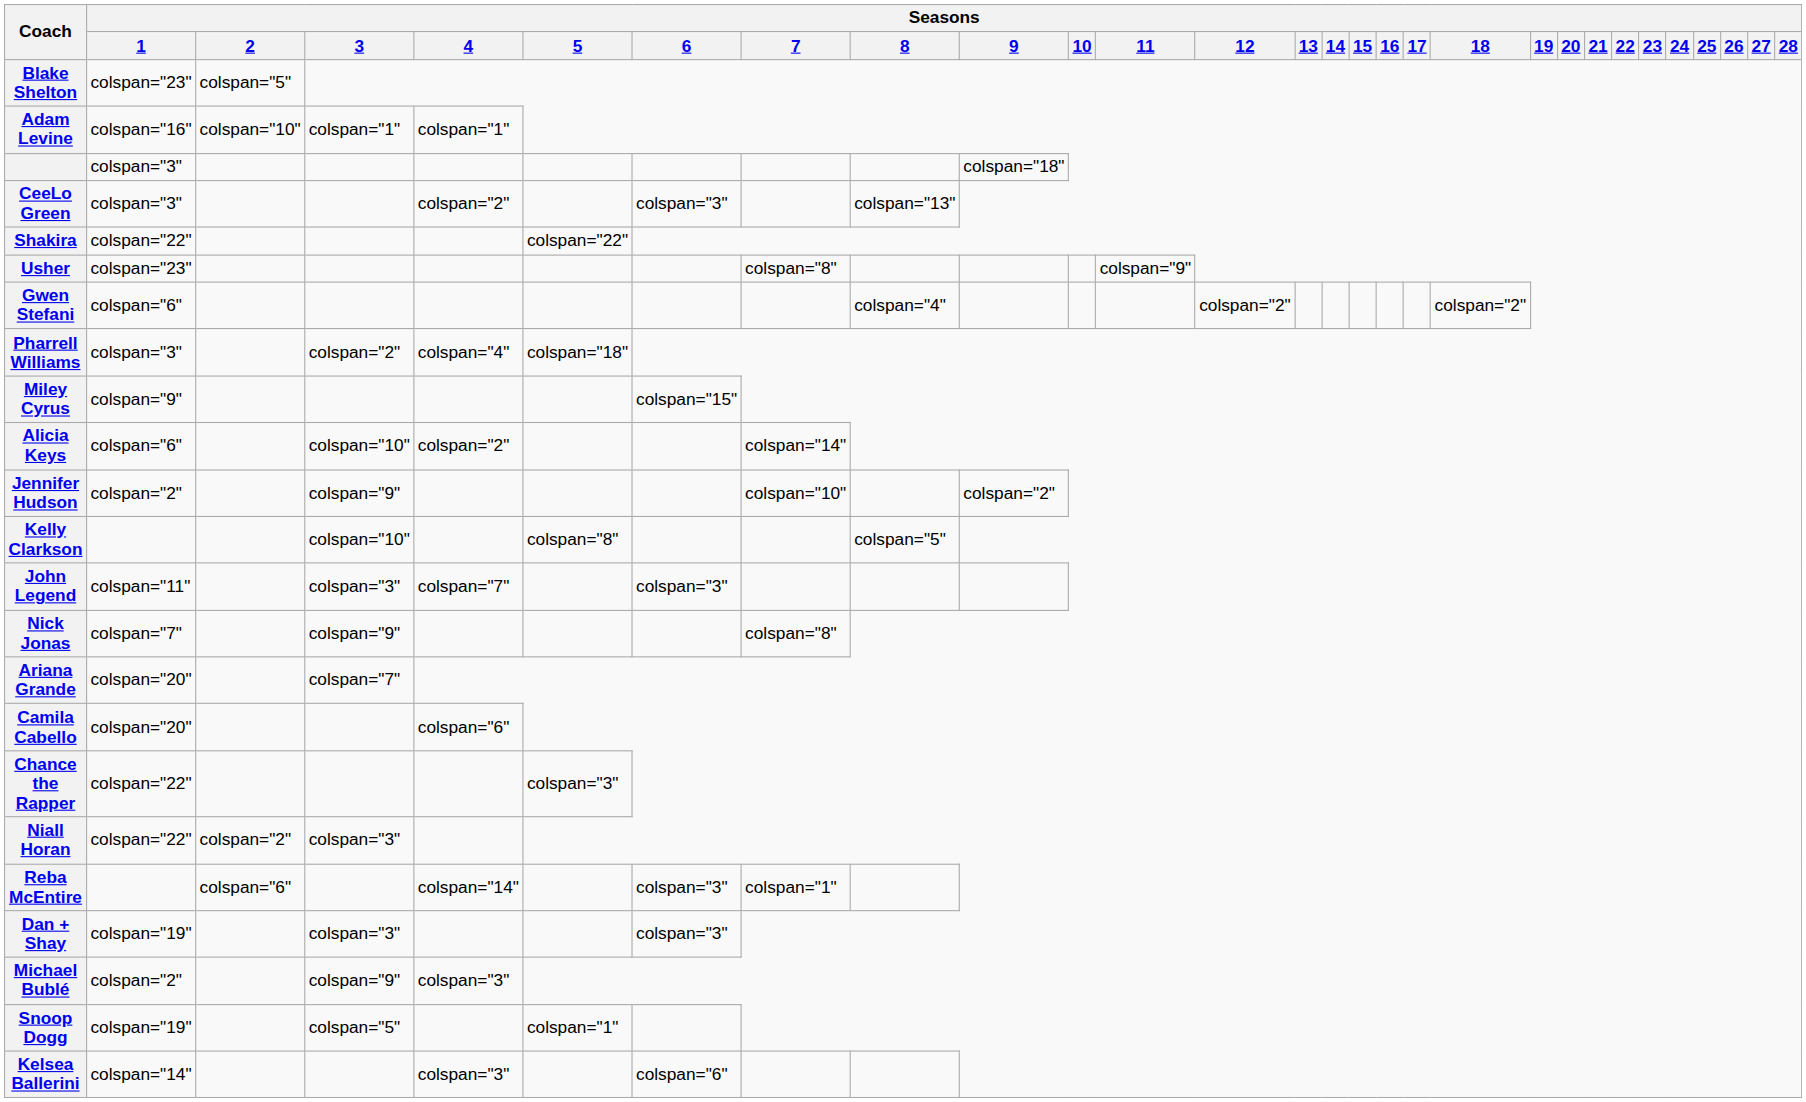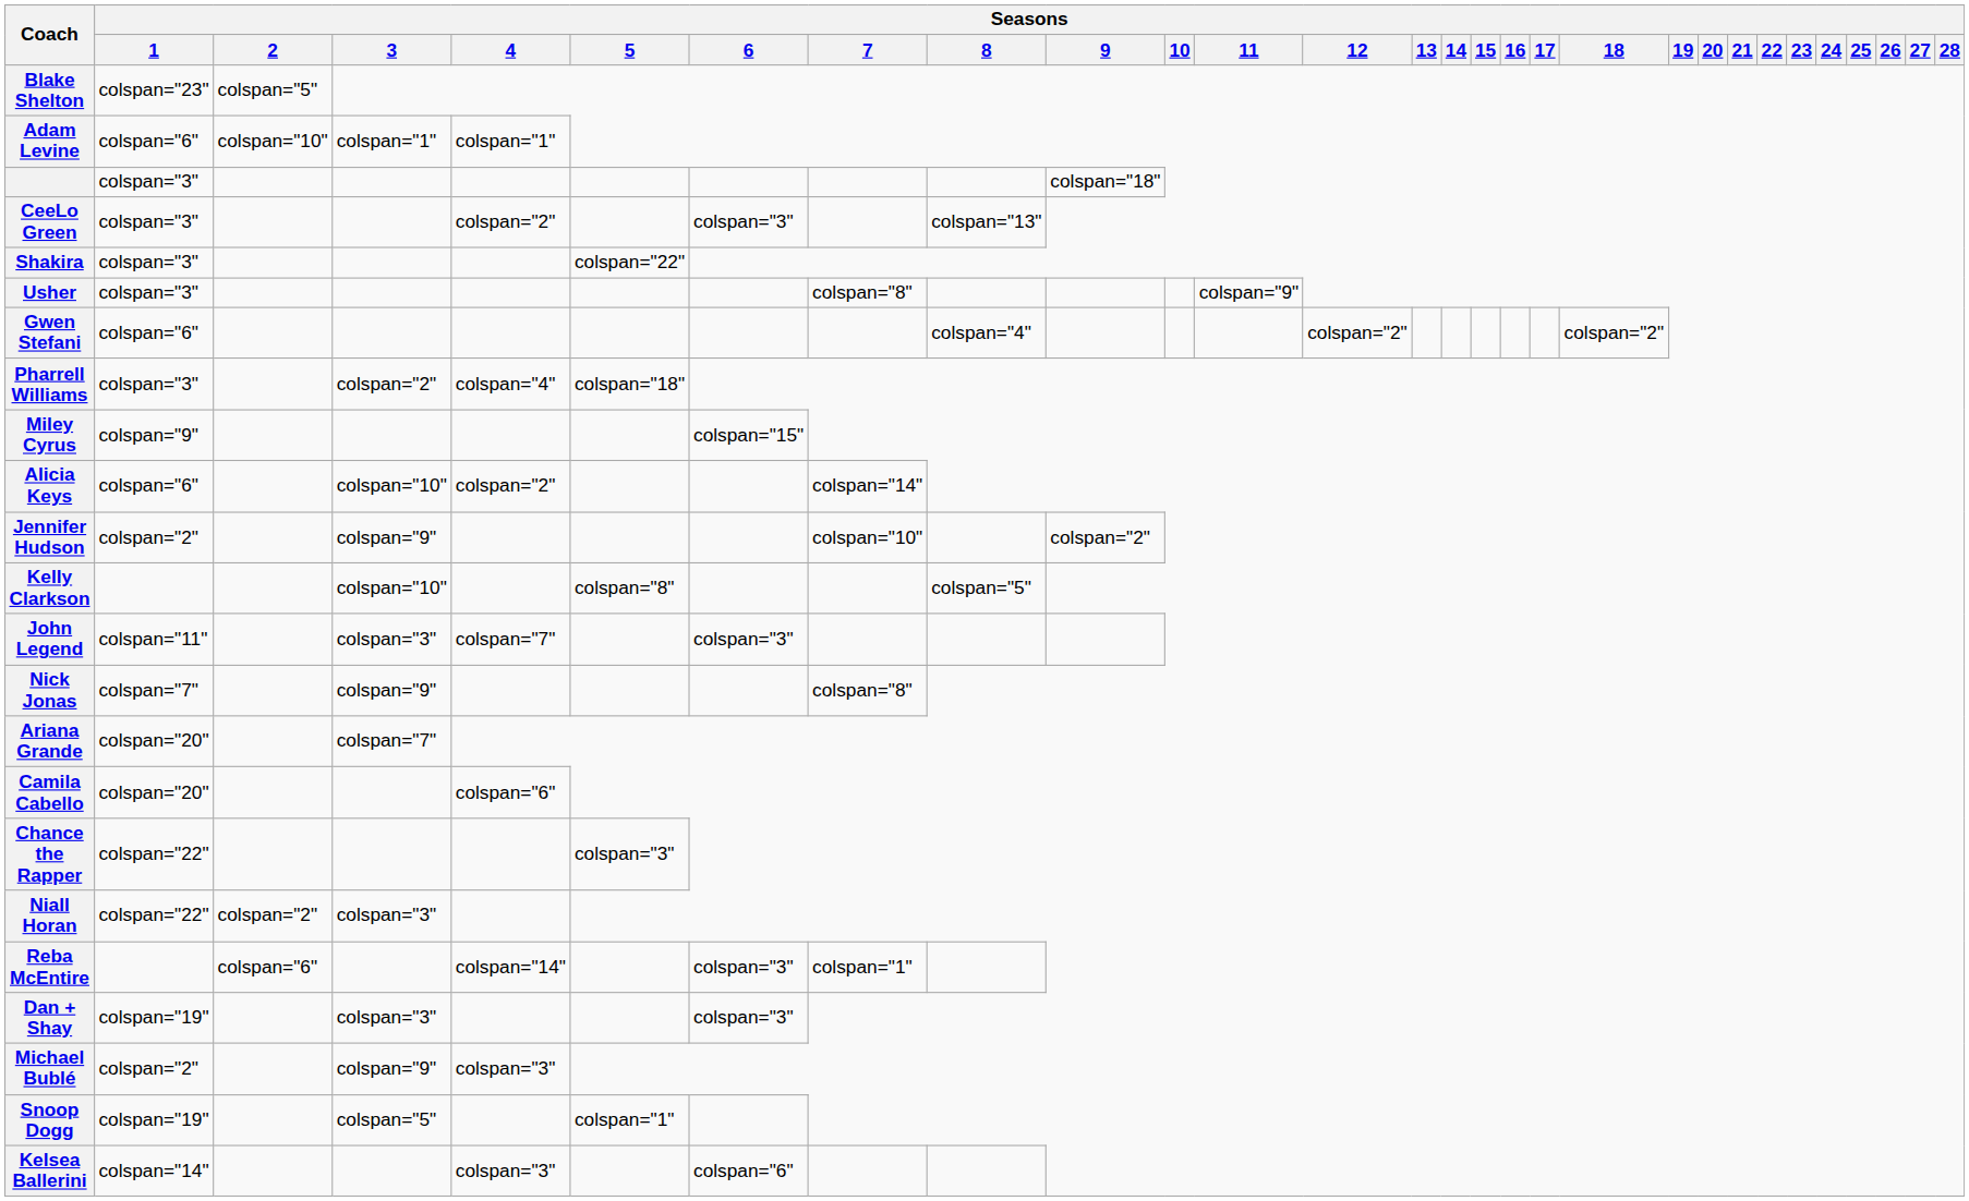 <table class="wikitable plainrowheaders collapsible mw-collapsible nowrap" style="width:100%">
 <tr>
 <th rowspan="2" style="width:08%">Coach</th>
 <th colspan="28">Seasons</th>
 </tr>
 <tr>
 <th style="width:3%"><a href='#'>1</a></th>
 <th style="width:3%"><a href='#'>2</a></th>
 <th style="width:3%"><a href='#'>3</a></th>
 <th style="width:3%"><a href='#'>4</a></th>
 <th style="width:3%"><a href='#'>5</a></th>
 <th style="width:3%"><a href='#'>6</a></th>
 <th style="width:3%"><a href='#'>7</a></th>
 <th style="width:3%"><a href='#'>8</a></th>
 <th style="width:3%"><a href='#'>9</a></th>
 <th style="width:3%"><a href='#'>10</a></th>
 <th style="width:3%"><a href='#'>11</a></th>
 <th style="width:3%"><a href='#'>12</a></th>
 <th style="width:3%"><a href='#'>13</a></th>
 <th style="width:3%"><a href='#'>14</a></th>
 <th style="width:3%"><a href='#'>15</a></th>
 <th style="width:3%"><a href='#'>16</a></th>
 <th style="width:3%"><a href='#'>17</a></th>
 <th style="width:3%"><a href='#'>18</a></th>
 <th style="width:3%"><a href='#'>19</a></th>
 <th style="width:3%"><a href='#'>20</a></th>
 <th style="width:3%"><a href='#'>21</a></th>
 <th style="width:3%"><a href='#'>22</a></th>
 <th style="width:3%"><a href='#'>23</a></th>
 <th style="width:3%"><a href='#'>24</a></th>
 <th style="width:3%;"><a href='#'>25</a></th>
 <th style="width:3%;"><a href='#'>26</a></th>
 <th style="width:3%"><a href='#'>27</a></th>
 <th style="width:3%"><a href='#'>28</a></th>
 </tr>
 <tr>
 <th scope="row" style="text-align:center"><a href='#'>Blake Shelton</a></th>
 <td>colspan="23" </td>
 <td>colspan="5" </td>
 </tr>
 <tr>
 <th scope="row" style="text-align:center"><a href='#'>Adam Levine</a></th>
-<td>colspan="16" </td>
+<td>colspan="6" </td>
 <td>colspan="10" </td>
 <td>colspan="1" </td>
 <td>colspan="1" </td>
 </tr>
 <tr>
 <th scope="row" style="text-align:center"></th>
 <td>colspan="3" </td>
 <td></td>
 <td></td>
 <td></td>
 <td></td>
 <td></td>
 <td></td>
 <td></td>
 <td>colspan="18" </td>
 </tr>
 <tr>
 <th scope="row" style="text-align:center"><a href='#'>CeeLo Green</a></th>
 <td>colspan="3" </td>
 <td></td>
 <td></td>
 <td>colspan="2" </td>
 <td></td>
 <td>colspan="3" </td>
 <td></td>
 <td>colspan="13" </td>
 </tr>
 <tr>
 <th scope="row" style="text-align:center"><a href='#'>Shakira</a></th>
-<td>colspan="22" </td>
+<td>colspan="3" </td>
 <td></td>
 <td></td>
 <td></td>
 <td>colspan="22" </td>
 </tr>
 <tr>
 <th scope="row" style="text-align:center"><a href='#'>Usher</a></th>
-<td>colspan="23" </td>
+<td>colspan="3" </td>
 <td></td>
 <td></td>
 <td></td>
 <td></td>
 <td></td>
 <td>colspan="8" </td>
 <td></td>
 <td></td>
 <td></td>
 <td>colspan="9" </td>
 </tr>
 <tr>
 <th scope="row" style="text-align:center"><a href='#'>Gwen Stefani</a></th>
 <td>colspan="6" </td>
 <td></td>
 <td></td>
 <td></td>
 <td></td>
 <td></td>
 <td></td>
 <td>colspan="4" </td>
 <td></td>
 <td></td>
 <td></td>
 <td>colspan="2" </td>
 <td></td>
 <td></td>
 <td></td>
 <td></td>
 <td></td>
 <td>colspan="2" </td>
 </tr>
 <tr>
 <th scope="row" style="text-align:center"><a href='#'>Pharrell Williams</a></th>
 <td>colspan="3" </td>
 <td></td>
 <td>colspan="2" </td>
 <td>colspan="4" </td>
 <td>colspan="18" </td>
 </tr>
 <tr>
 <th scope="row" style="text-align:center"><a href='#'>Miley Cyrus</a></th>
 <td>colspan="9" </td>
 <td></td>
 <td></td>
 <td></td>
 <td></td>
 <td>colspan="15" </td>
 </tr>
 <tr>
 <th scope="row" style="text-align:center"><a href='#'>Alicia Keys</a></th>
 <td>colspan="6" </td>
 <td></td>
 <td>colspan="10" </td>
 <td>colspan="2" </td>
 <td></td>
 <td></td>
 <td>colspan="14" </td>
 </tr>
 <tr>
 <th scope="row" style="text-align:center"><a href='#'>Jennifer Hudson</a></th>
 <td>colspan="2" </td>
 <td></td>
 <td>colspan="9" </td>
 <td></td>
 <td></td>
 <td></td>
 <td>colspan="10" </td>
 <td></td>
 <td>colspan="2" </td>
 </tr>
 <tr>
 <th scope="row" style="text-align:center"><a href='#'>Kelly Clarkson</a></th>
 <td></td>
 <td></td>
 <td>colspan="10" </td>
 <td></td>
 <td>colspan="8" </td>
 <td></td>
 <td></td>
 <td>colspan="5"</td>
 </tr>
 <tr>
 <th scope="row" style="text-align:center"><a href='#'>John Legend</a></th>
 <td>colspan="11" </td>
 <td></td>
 <td>colspan="3" </td>
 <td>colspan="7" </td>
 <td></td>
 <td>colspan="3" </td>
 <td></td>
 <td></td>
 <td></td>
 </tr>
 <tr>
 <th scope="row" style="text-align:center"><a href='#'>Nick Jonas</a></th>
 <td>colspan="7" </td>
 <td></td>
 <td>colspan="9" </td>
 <td></td>
 <td></td>
 <td></td>
 <td>colspan="8" </td>
 </tr>
 <tr>
 <th scope="row" style="text-align:center"><a href='#'>Ariana Grande</a></th>
 <td>colspan="20" </td>
 <td></td>
 <td>colspan="7" </td>
 </tr>
 <tr>
 <th scope="row" style="text-align:center"><a href='#'>Camila Cabello</a></th>
 <td>colspan="20" </td>
 <td></td>
 <td></td>
 <td>colspan="6" </td>
 </tr>
 <tr>
 <th scope="row" style="text-align:center"><a href='#'>Chance the Rapper</a></th>
 <td>colspan="22" </td>
 <td></td>
 <td></td>
 <td></td>
 <td>colspan="3" </td>
 </tr>
 <tr>
 <th scope="row" style="text-align:center"><a href='#'>Niall Horan</a></th>
 <td>colspan="22" </td>
 <td>colspan="2" </td>
 <td>colspan="3" </td>
 <td></td>
 </tr>
 <tr>
 <th scope="row" style="text-align:center"><a href='#'>Reba McEntire</a></th>
 <td></td>
 <td>colspan="6" </td>
 <td></td>
 <td>colspan="14" </td>
 <td></td>
 <td>colspan="3" </td>
 <td>colspan="1" </td>
 <td></td>
 </tr>
 <tr>
 <th scope="row" style="text-align:center"><a href='#'>Dan + Shay</a></th>
 <td>colspan="19" </td>
 <td></td>
 <td>colspan="3" </td>
 <td></td>
 <td></td>
 <td>colspan="3" </td>
 </tr>
 <tr>
 <th scope="row" style="text-align:center"><a href='#'>Michael Bublé</a></th>
 <td>colspan="2" </td>
 <td></td>
 <td>colspan="9" </td>
 <td>colspan="3" </td>
 </tr>
 <tr>
 <th scope="row" style="text-align:center"><a href='#'>Snoop Dogg</a></th>
 <td>colspan="19" </td>
 <td></td>
 <td>colspan="5" </td>
 <td></td>
 <td>colspan="1" </td>
 <td></td>
 </tr>
 <tr>
 <th scope="row" style="text-align:center"><a href='#'>Kelsea Ballerini</a></th>
 <td>colspan="14" </td>
 <td></td>
 <td></td>
 <td>colspan="3" </td>
 <td></td>
 <td>colspan="6" </td>
 <td></td>
 <td></td>
 </tr>
 </table>
